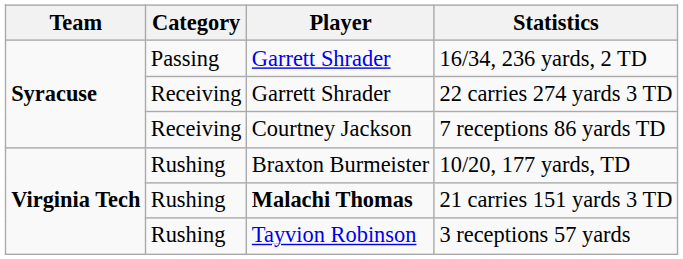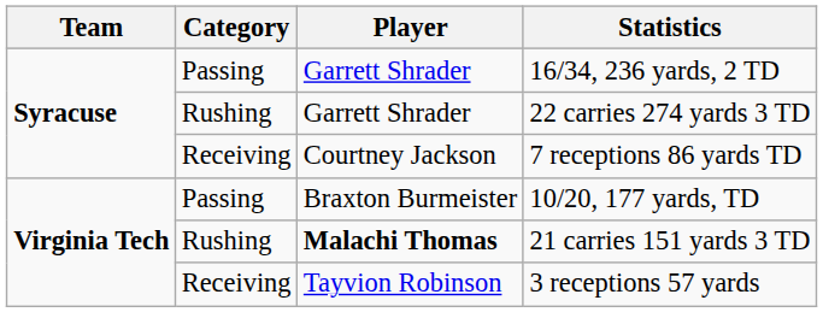 <table class="wikitable" style="float: right;">
 <tr>
 <th>Team</th>
 <th>Category</th>
 <th>Player</th>
 <th>Statistics</th>
 </tr>
 <tr>
 <td rowspan=3><strong>Syracuse</strong></td>
 <td>Passing</td>
 <td><a href='#'>Garrett Shrader</a></td>
 <td>16/34, 236 yards, 2 TD</td>
 </tr>
 <tr>
-<td>Receiving</td>
+<td>Rushing</td>
 <td>Garrett Shrader</td>
 <td>22 carries 274 yards 3 TD</td>
 </tr>
 <tr>
 <td>Receiving</td>
 <td>Courtney Jackson</td>
 <td>7 receptions 86 yards TD</td>
 </tr>
 <tr>
 <td rowspan=3><strong>Virginia Tech</strong></td>
-<td>Rushing</td>
+<td>Passing</td>
 <td>Braxton Burmeister</td>
 <td>10/20, 177 yards, TD</td>
 </tr>
 <tr>
 <td>Rushing</td>
 <td><strong>Malachi Thomas</strong></td>
 <td>21 carries 151 yards 3 TD</td>
 </tr>
 <tr>
-<td>Rushing</td>
+<td>Receiving</td>
 <td><a href='#'>Tayvion Robinson</a></td>
 <td>3 receptions 57 yards</td>
 </tr>
 </table>
